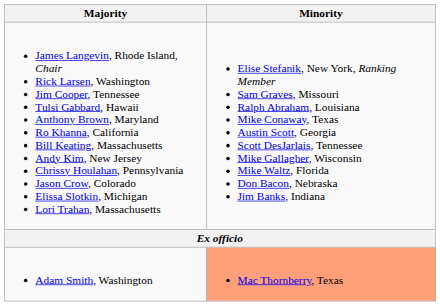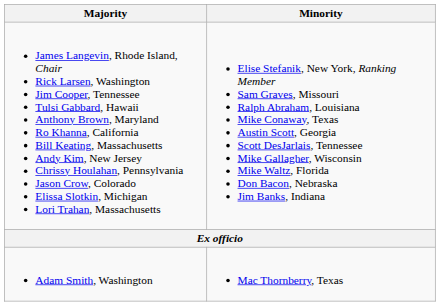 <table class=wikitable>
 <tr>
 <th>Majority</th>
 <th>Minority</th>
 </tr>
 <tr>
 <td><br><ul><li><a href='#'>James Langevin</a>, Rhode Island, <em>Chair</em></li><li><a href='#'>Rick Larsen</a>, Washington</li><li><a href='#'>Jim Cooper</a>, Tennessee</li><li><a href='#'>Tulsi Gabbard</a>, Hawaii</li><li><a href='#'>Anthony Brown</a>, Maryland</li><li><a href='#'>Ro Khanna</a>, California</li><li><a href='#'>Bill Keating</a>, Massachusetts</li><li><a href='#'>Andy Kim</a>, New Jersey</li><li><a href='#'>Chrissy Houlahan</a>, Pennsylvania</li><li><a href='#'>Jason Crow</a>, Colorado</li><li><a href='#'>Elissa Slotkin</a>, Michigan</li><li><a href='#'>Lori Trahan</a>, Massachusetts</li></ul></td>
 <td><br><ul><li><a href='#'>Elise Stefanik</a>, New York, <em>Ranking Member</em></li><li><a href='#'>Sam Graves</a>, Missouri</li><li><a href='#'>Ralph Abraham</a>, Louisiana</li><li><a href='#'>Mike Conaway</a>, Texas</li><li><a href='#'>Austin Scott</a>, Georgia</li><li><a href='#'>Scott DesJarlais</a>, Tennessee</li><li><a href='#'>Mike Gallagher</a>, Wisconsin</li><li><a href='#'>Mike Waltz</a>, Florida</li><li><a href='#'>Don Bacon</a>, Nebraska</li><li><a href='#'>Jim Banks</a>, Indiana</li></ul></td>
 </tr>
 <tr>
 <th colspan=2><em>Ex officio</em></th>
 </tr>
 <tr>
 <td><br><ul><li><a href='#'>Adam Smith</a>, Washington</li></ul></td>
-<td style="background: lightsalmon;"><br><ul><li><a href='#'>Mac Thornberry</a>, Texas</li></ul></td>
+<td><br><ul><li><a href='#'>Mac Thornberry</a>, Texas</li></ul></td>
 </tr>
 </table>
